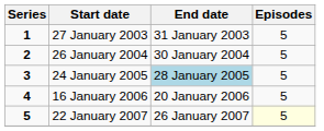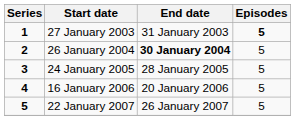 <table class="wikitable" style="text-align:center;">
 <tr>
 <th>Series</th>
 <th>Start date</th>
 <th>End date</th>
 <th>Episodes</th>
 </tr>
 <tr>
 <td><strong>1</strong></td>
 <td>27 January 2003</td>
 <td>31 January 2003</td>
-<td>5</td>
+<td><strong>5</strong></td>
 </tr>
 <tr>
 <td><strong>2</strong></td>
 <td>26 January 2004</td>
-<td>30 January 2004</td>
+<td><strong>30 January 2004</strong></td>
 <td>5</td>
 </tr>
 <tr>
 <td><strong>3</strong></td>
 <td>24 January 2005</td>
-<td style="background: lightblue;">28 January 2005</td>
+<td>28 January 2005</td>
 <td>5</td>
 </tr>
 <tr>
 <td><strong>4</strong></td>
 <td>16 January 2006</td>
 <td>20 January 2006</td>
 <td>5</td>
 </tr>
 <tr>
 <td><strong>5</strong></td>
 <td>22 January 2007</td>
 <td>26 January 2007</td>
-<td style="background: lightyellow;">5</td>
+<td>5</td>
 </tr>
 <tr>
 </tr>
 </table>
